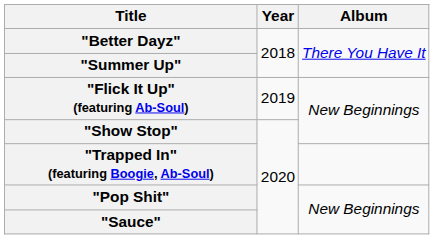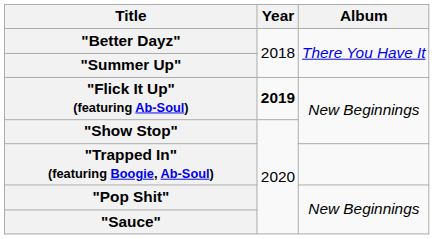 <table class="wikitable plainrowheaders" style="text-align:center;">
 <tr>
 <th scope="col" rowspan="1" style="width:16em;">Title</th>
 <th scope="col" rowspan="1" style="width:1em;">Year</th>
 <th scope="col" rowspan="1">Album</th>
 </tr>
 <tr>
 <th scope="row">"Better Dayz"</th>
 <td rowspan="2">2018</td>
 <td rowspan="2"><em><a href='#'>There You Have It</a></em></td>
 </tr>
 <tr>
 <th scope="row">"Summer Up"</th>
 </tr>
 <tr>
 <th scope="row">"Flick It Up"<br><small>(featuring <a href='#'>Ab-Soul</a>)</small></th>
-<td>2019</td>
+<td><strong>2019</strong></td>
 <td rowspan="2"><em>New Beginnings</em></td>
 </tr>
 <tr>
 <th scope="row">"Show Stop"</th>
 <td rowspan="5">2020</td>
 </tr>
 <tr>
 <th scope="row">"Trapped In"<br><small>(featuring <a href='#'>Boogie</a>, <a href='#'>Ab-Soul</a>)</small></th>
 <td></td>
 </tr>
 <tr>
 <th scope="row">"Pop Shit"<br></th>
 <td rowspan="2"><em>New Beginnings</em></td>
 </tr>
 <tr>
 <th scope="row">"Sauce"<br></th>
 </tr>
 </table>
